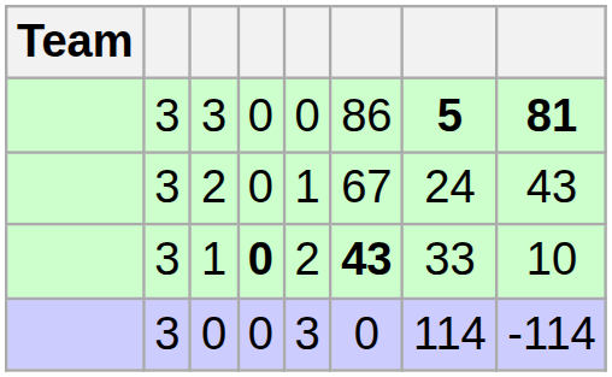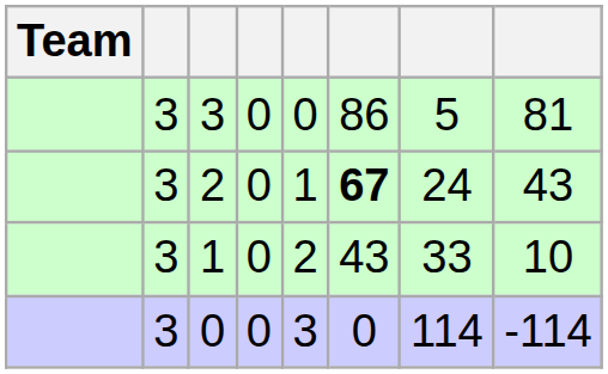 <table class="wikitable" style="text-align: center;">
 <tr>
 <th>Team</th>
 <th></th>
 <th></th>
 <th></th>
 <th></th>
 <th></th>
 <th></th>
 <th></th>
 </tr>
 <tr bgcolor="ccffcc">
 <td align="left"></td>
 <td>3</td>
 <td>3</td>
 <td>0</td>
 <td>0</td>
 <td>86</td>
-<td><strong>5</strong></td>
-<td><strong>81</strong></td>
+<td>5</td>
+<td>81</td>
 </tr>
 <tr bgcolor="ccffcc">
 <td align="left"></td>
 <td>3</td>
 <td>2</td>
 <td>0</td>
 <td>1</td>
-<td>67</td>
+<td><strong>67</strong></td>
 <td>24</td>
 <td>43</td>
 </tr>
 <tr bgcolor="ccffcc">
 <td align="left"></td>
 <td>3</td>
 <td>1</td>
-<td><strong>0</strong></td>
+<td>0</td>
 <td>2</td>
-<td><strong>43</strong></td>
+<td>43</td>
 <td>33</td>
 <td>10</td>
 </tr>
 <tr bgcolor="ccccff">
 <td align="left"></td>
 <td>3</td>
 <td>0</td>
 <td>0</td>
 <td>3</td>
 <td>0</td>
 <td>114</td>
 <td>-114</td>
 </tr>
 </table>
